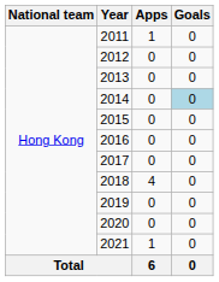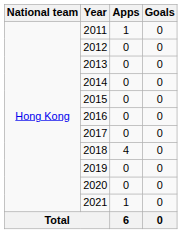 <table class="wikitable" style="text-align:center">
 <tr>
 <th>National team</th>
 <th>Year</th>
 <th>Apps</th>
 <th>Goals</th>
 </tr>
 <tr>
 <td rowspan="11"><a href='#'>Hong Kong</a></td>
 <td>2011</td>
 <td>1</td>
 <td>0</td>
 </tr>
 <tr>
 <td>2012</td>
 <td>0</td>
 <td>0</td>
 </tr>
 <tr>
 <td>2013</td>
 <td>0</td>
 <td>0</td>
 </tr>
 <tr>
 <td>2014</td>
 <td>0</td>
-<td style="background: lightblue;">0</td>
+<td>0</td>
 </tr>
 <tr>
 <td>2015</td>
 <td>0</td>
 <td>0</td>
 </tr>
 <tr>
 <td>2016</td>
 <td>0</td>
 <td>0</td>
 </tr>
 <tr>
 <td>2017</td>
 <td>0</td>
 <td>0</td>
 </tr>
 <tr>
 <td>2018</td>
 <td>4</td>
 <td>0</td>
 </tr>
 <tr>
 <td>2019</td>
 <td>0</td>
 <td>0</td>
 </tr>
 <tr>
 <td>2020</td>
 <td>0</td>
 <td>0</td>
 </tr>
 <tr>
 <td>2021</td>
 <td>1</td>
 <td>0</td>
 </tr>
 <tr>
 <th colspan=2>Total</th>
 <th>6</th>
 <th>0</th>
 </tr>
 </table>
